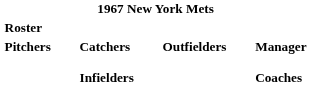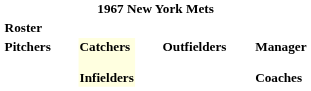 <table class="toccolours" style="font-size: 95%;">
 <tr>
 <th colspan="10">1967 New York Mets</th>
 </tr>
 <tr>
 <td colspan="10"><strong>Roster</strong></td>
 </tr>
 <tr>
 <td valign="top"><strong>Pitchers</strong><br>                          </td>
 <td width="25px"></td>
-<td valign="top"><strong>Catchers</strong><br>   <br><strong>Infielders</strong>              </td>
+<td valign="top" style="background: lightyellow;"><strong>Catchers</strong><br>   <br><strong>Infielders</strong>              </td>
 <td width="25px"></td>
 <td valign="top"><strong>Outfielders</strong><br>        </td>
 <td width="25px"></td>
 <td valign="top"><strong>Manager</strong><br> <br><strong>Coaches</strong>    </td>
 </tr>
 </table>
